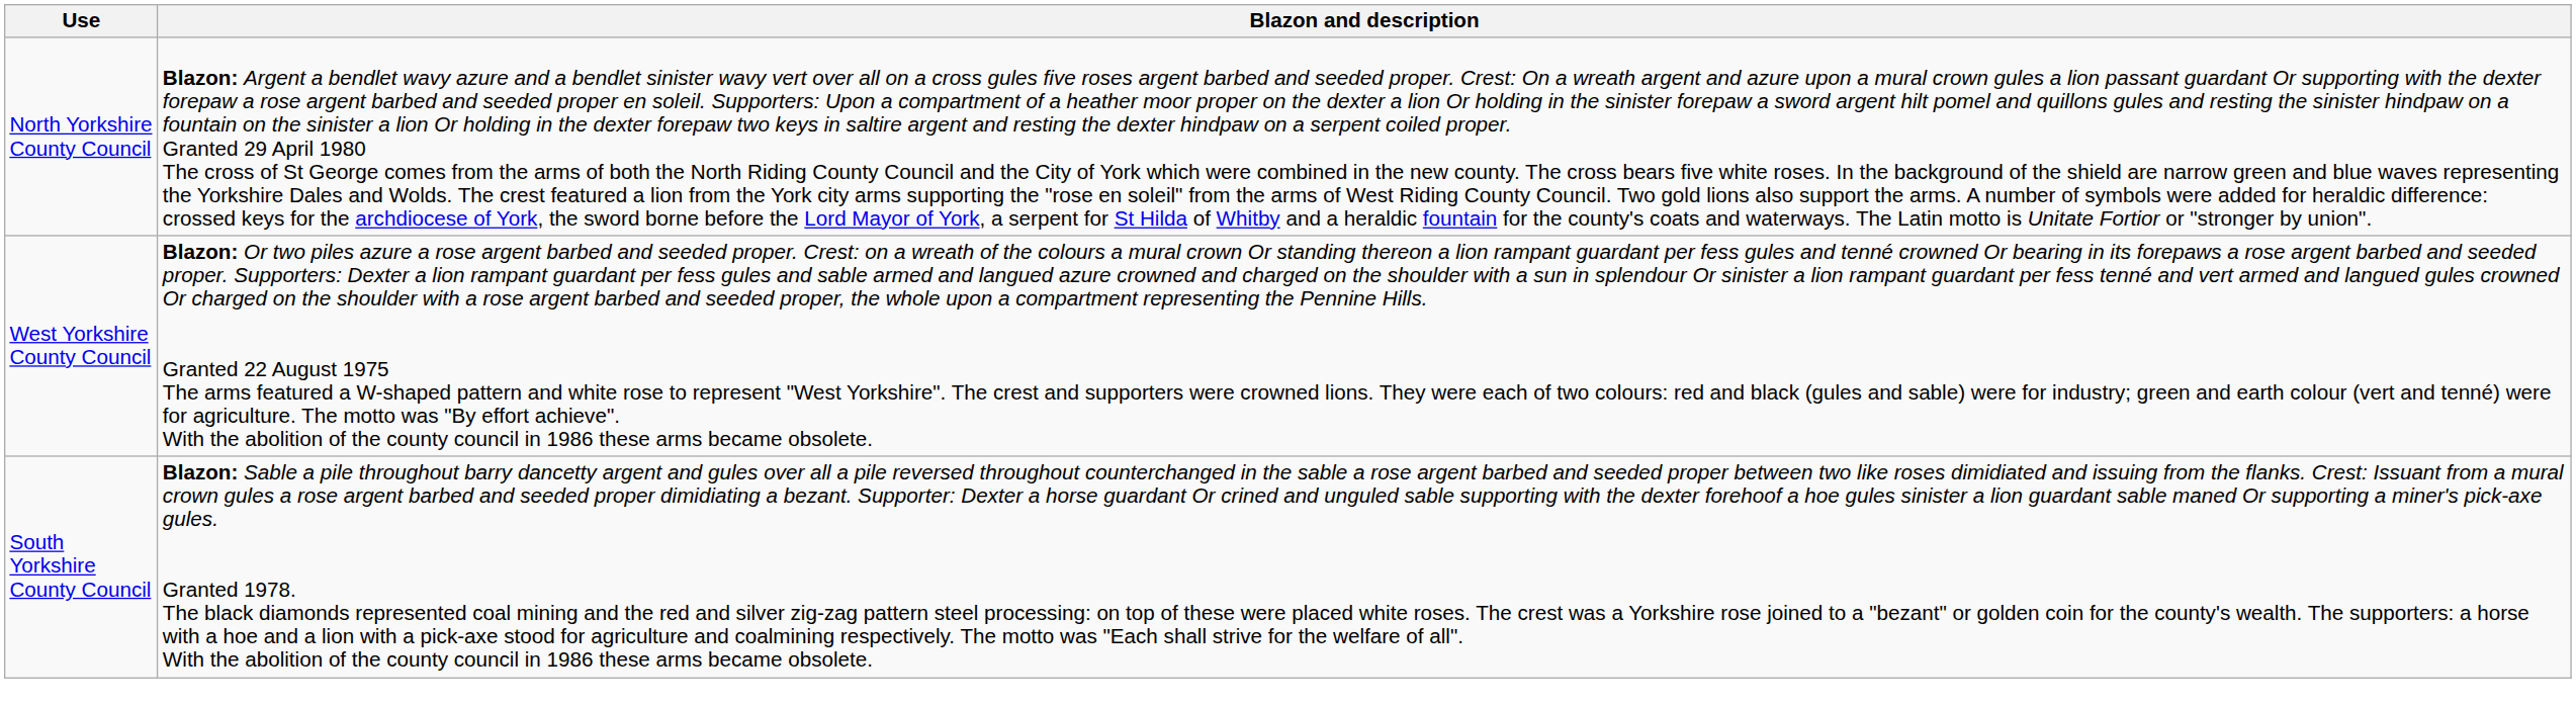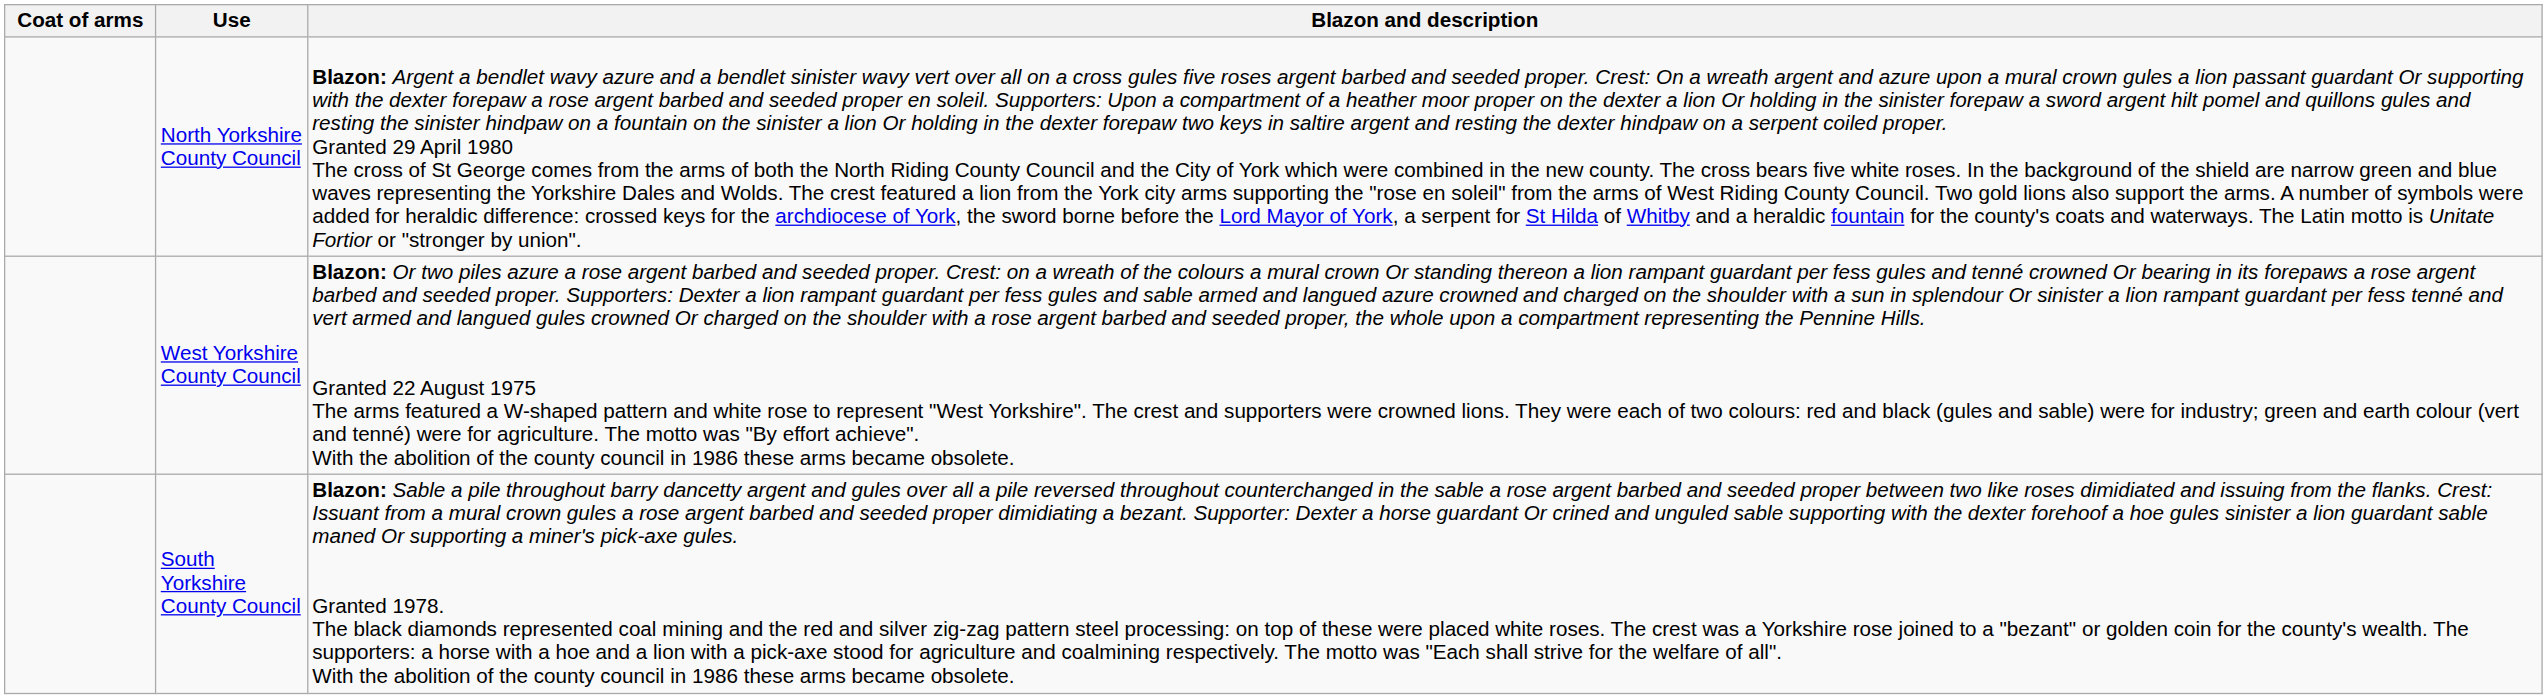 <table class="wikitable">
 <tr>
+<th width="110">Coat of arms</th>
 <th width="110">Use</th>
 <th>Blazon and description</th>
 </tr>
 <tr>
+<td></td>
 <td><a href='#'>North Yorkshire County Council</a></td>
 <td><br><strong>Blazon:</strong> <em>Argent a bendlet wavy azure and a bendlet sinister wavy vert over all on a cross gules five roses argent barbed and seeded proper. Crest: On  a wreath argent and azure upon a mural crown gules a lion passant guardant Or supporting with the dexter forepaw a rose argent barbed and seeded proper en soleil.</em> <em>Supporters: Upon a compartment of a heather moor proper on the dexter a lion Or holding in the sinister forepaw a sword argent hilt pomel and quillons gules and resting the sinister hindpaw on a fountain on the sinister a lion Or holding in the dexter forepaw two keys in saltire argent and resting the dexter hindpaw on a serpent coiled proper.</em><br>Granted 29 April 1980<br>The cross of St George comes from the arms of both the North Riding County Council and the City of York which were combined in the new county. The cross bears five white roses. In the background of the shield are narrow green and blue waves representing the Yorkshire Dales and Wolds. The crest featured a lion from the York city arms supporting the "rose en soleil" from the arms of West Riding County Council. Two gold lions also support the arms. A number of symbols were added for heraldic difference: crossed keys for the <a href='#'>archdiocese of York</a>, the sword borne before the <a href='#'>Lord Mayor of York</a>, a serpent for <a href='#'>St Hilda</a> of <a href='#'>Whitby</a> and a heraldic <a href='#'>fountain</a> for the county's coats and waterways. The Latin motto is <em>Unitate Fortior</em> or "stronger by union".</td>
 </tr>
 <tr>
+<td></td>
 <td><a href='#'>West Yorkshire County Council</a></td>
 <td><strong>Blazon:</strong> <em>Or two piles azure a rose argent barbed and seeded proper. Crest: on a wreath of the colours a mural crown Or standing thereon a lion rampant guardant per fess gules and tenné crowned Or bearing in its forepaws a rose argent barbed and seeded proper. Supporters: Dexter a lion rampant guardant per fess gules and sable armed and langued azure crowned and charged on the shoulder with a sun in splendour Or sinister a lion rampant guardant per fess tenné and vert armed and langued gules crowned Or charged on the shoulder with a rose argent barbed and seeded proper, the whole upon a compartment representing the Pennine Hills.</em><br><br><br>Granted 22 August 1975<br>The arms featured a W-shaped pattern and white rose to represent "West Yorkshire". The crest and supporters were crowned lions. They were each of two colours: red and black (gules and sable) were for industry; green and earth colour (vert and tenné) were for agriculture. The motto was "By effort achieve".<br>With the abolition of the county council in 1986 these arms became obsolete.</td>
 </tr>
 <tr>
+<td></td>
 <td><a href='#'>South Yorkshire County Council</a></td>
 <td><strong>Blazon:</strong> <em>Sable a pile throughout barry dancetty argent and gules over all a pile reversed throughout counterchanged in the sable a rose argent barbed and seeded proper between two like roses dimidiated and issuing from the flanks. Crest: Issuant from a mural crown gules a rose argent barbed and seeded proper dimidiating a bezant. Supporter: Dexter a horse guardant Or crined and unguled sable supporting with the dexter forehoof a hoe gules sinister a lion guardant sable maned Or supporting a miner's pick-axe gules.</em><br><br><br>Granted 1978.<br>The black diamonds represented coal mining and the red and silver zig-zag pattern steel processing: on top of these were placed white roses. The crest was a Yorkshire rose joined to a "bezant" or golden coin for the county's wealth. The supporters: a horse with a hoe and a lion with a pick-axe stood for agriculture and coalmining respectively. The motto was "Each shall strive for the welfare of all".<br>With the abolition of the county council in 1986 these arms became obsolete.</td>
 </tr>
 </table>
